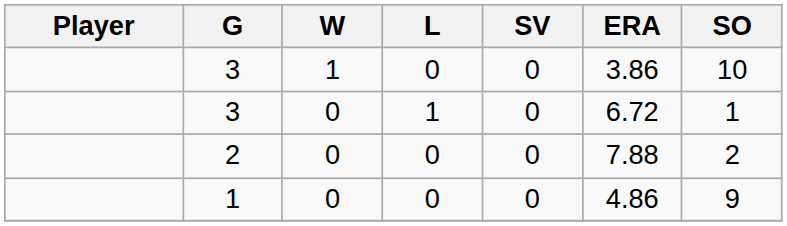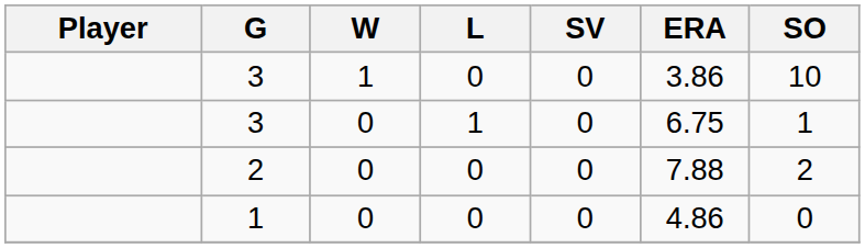 <table class="wikitable sortable">
 <tr>
 <th bgcolor="#DDDDFF" width="16%">Player</th>
 <th bgcolor="#DDDDFF" width="9%">G</th>
 <th bgcolor="#DDDDFF" width="9%">W</th>
 <th bgcolor="#DDDDFF" width="9%">L</th>
 <th bgcolor="#DDDDFF" width="9%">SV</th>
 <th bgcolor="#DDDDFF" width="9%">ERA</th>
 <th bgcolor="#DDDDFF" width="9%">SO</th>
 </tr>
 <tr align="center">
 <td></td>
 <td>3</td>
 <td>1</td>
 <td>0</td>
 <td>0</td>
 <td>3.86</td>
 <td>10</td>
 </tr>
 <tr align="center">
 <td></td>
 <td>3</td>
 <td>0</td>
 <td>1</td>
 <td>0</td>
-<td>6.72</td>
+<td>6.75</td>
 <td>1</td>
 </tr>
 <tr align="center">
 <td></td>
 <td>2</td>
 <td>0</td>
 <td>0</td>
 <td>0</td>
 <td>7.88</td>
 <td>2</td>
 </tr>
 <tr align="center">
 <td></td>
 <td>1</td>
 <td>0</td>
 <td>0</td>
 <td>0</td>
 <td>4.86</td>
-<td>9</td>
+<td>0</td>
 </tr>
 <tr align="center">
 </tr>
 </table>
